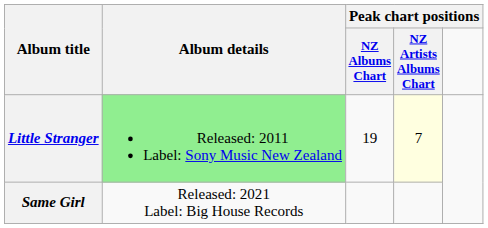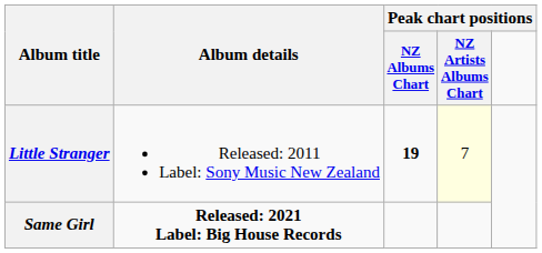 <table class="wikitable plainrowheaders" style="text-align:center;">
 <tr>
 <th scope="col" rowspan="2">Album title</th>
 <th scope="col" rowspan="2">Album details</th>
 <th scope="col" colspan="4">Peak chart positions</th>
 </tr>
 <tr>
 <th scope="col" style="width:3em;font-size:85%;"><a href='#'>NZ Albums Chart</a></th>
 <th scope="col" style="width:3em;font-size:85%;"><a href='#'>NZ Artists Albums Chart</a></th>
 <td></td>
 </tr>
 <tr>
 <th scope="row"><strong><em><a href='#'>Little Stranger</a></em></strong></th>
-<td style="background: lightgreen;"><br><ul><li>Released: 2011</li><li>Label: <a href='#'>Sony Music New Zealand</a></li></ul></td>
-<td>19</td>
+<td><br><ul><li>Released: 2011</li><li>Label: <a href='#'>Sony Music New Zealand</a></li></ul></td>
+<td><strong>19</strong></td>
 <td style="background: lightyellow;">7</td>
 </tr>
 <tr>
 <th><strong><em>Same Girl</em></strong></th>
-<td>Released: 2021<br>Label: Big House Records</td>
+<td><strong>Released: 2021<br>Label: Big House Records</strong></td>
 <td></td>
 <td></td>
 </tr>
 </table>
